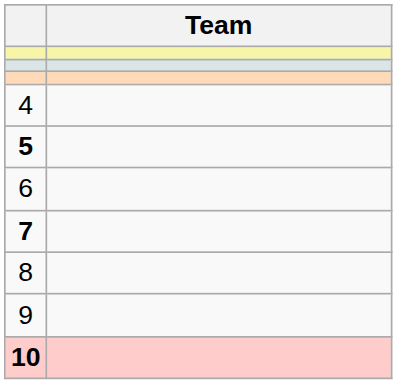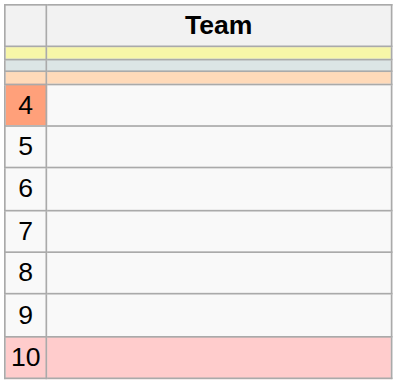 <table class="wikitable" style="text-align:center">
 <tr>
 <th width=15></th>
 <th width=200>Team</th>
 </tr>
 <tr bgcolor="#F7F6A8">
 <td align="center"></td>
 <td align=left></td>
 </tr>
 <tr bgcolor="#DCE5E5">
 <td align="center"></td>
 <td align=left></td>
 </tr>
 <tr bgcolor="#FFDAB9">
 <td align="center"></td>
 <td align=left></td>
 </tr>
 <tr>
-<td>4</td>
+<td style="background: lightsalmon;">4</td>
 <td align=left></td>
 </tr>
 <tr>
-<td><strong>5</strong></td>
+<td>5</td>
 <td align=left></td>
 </tr>
 <tr>
 <td>6</td>
 <td align=left></td>
 </tr>
 <tr>
-<td><strong>7</strong></td>
+<td>7</td>
 <td align=left></td>
 </tr>
 <tr>
 <td>8</td>
 <td align=left></td>
 </tr>
 <tr align=center>
 <td>9</td>
 <td align=left></td>
 </tr>
 <tr align=center bgcolor="#ffcccc">
-<td><strong>10</strong></td>
+<td>10</td>
 <td align=left></td>
 </tr>
 </table>
